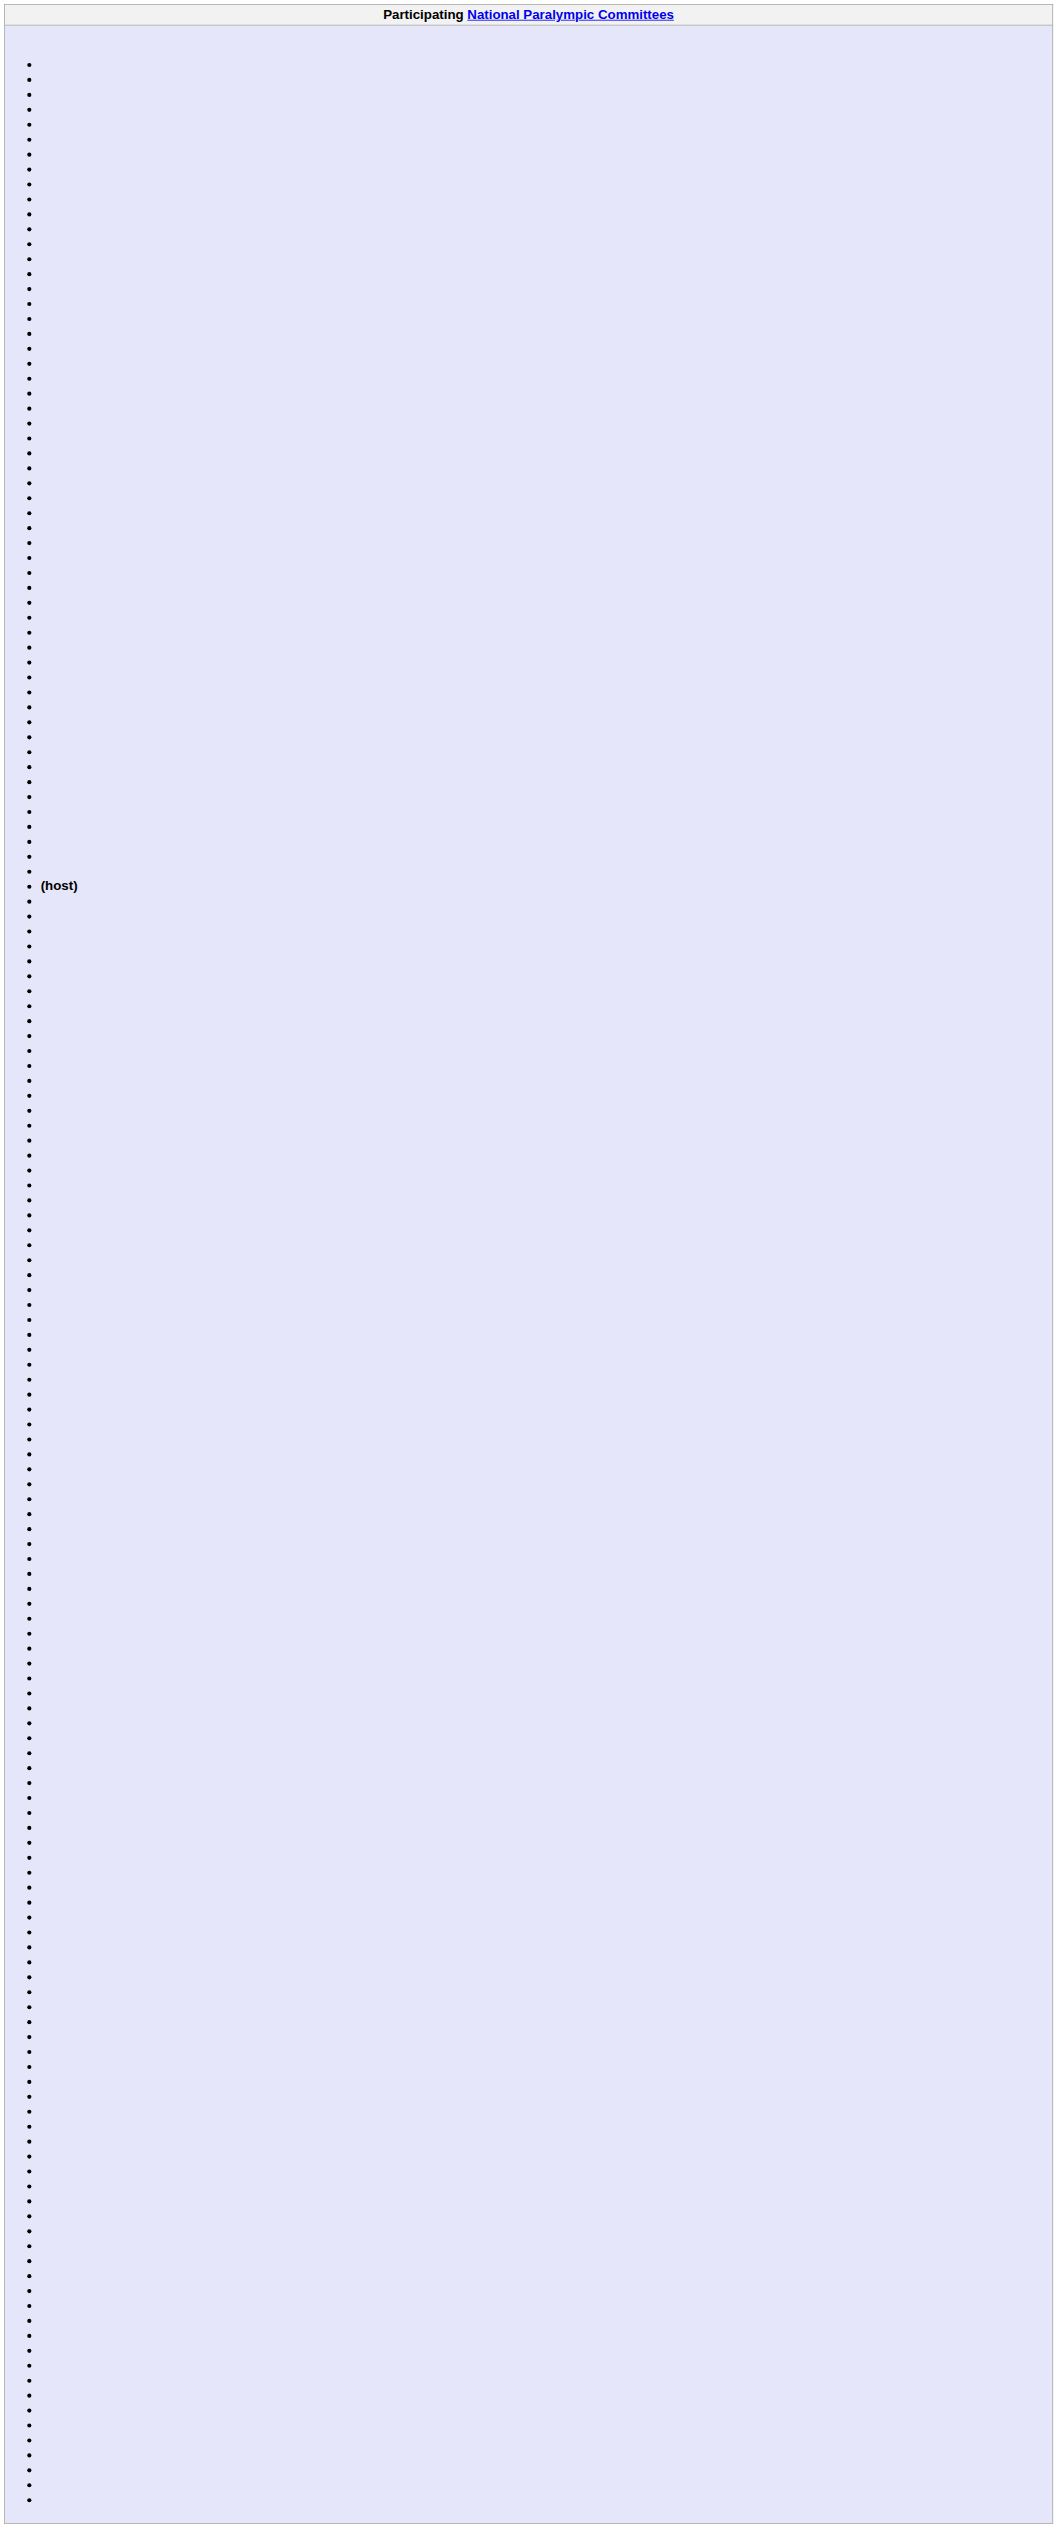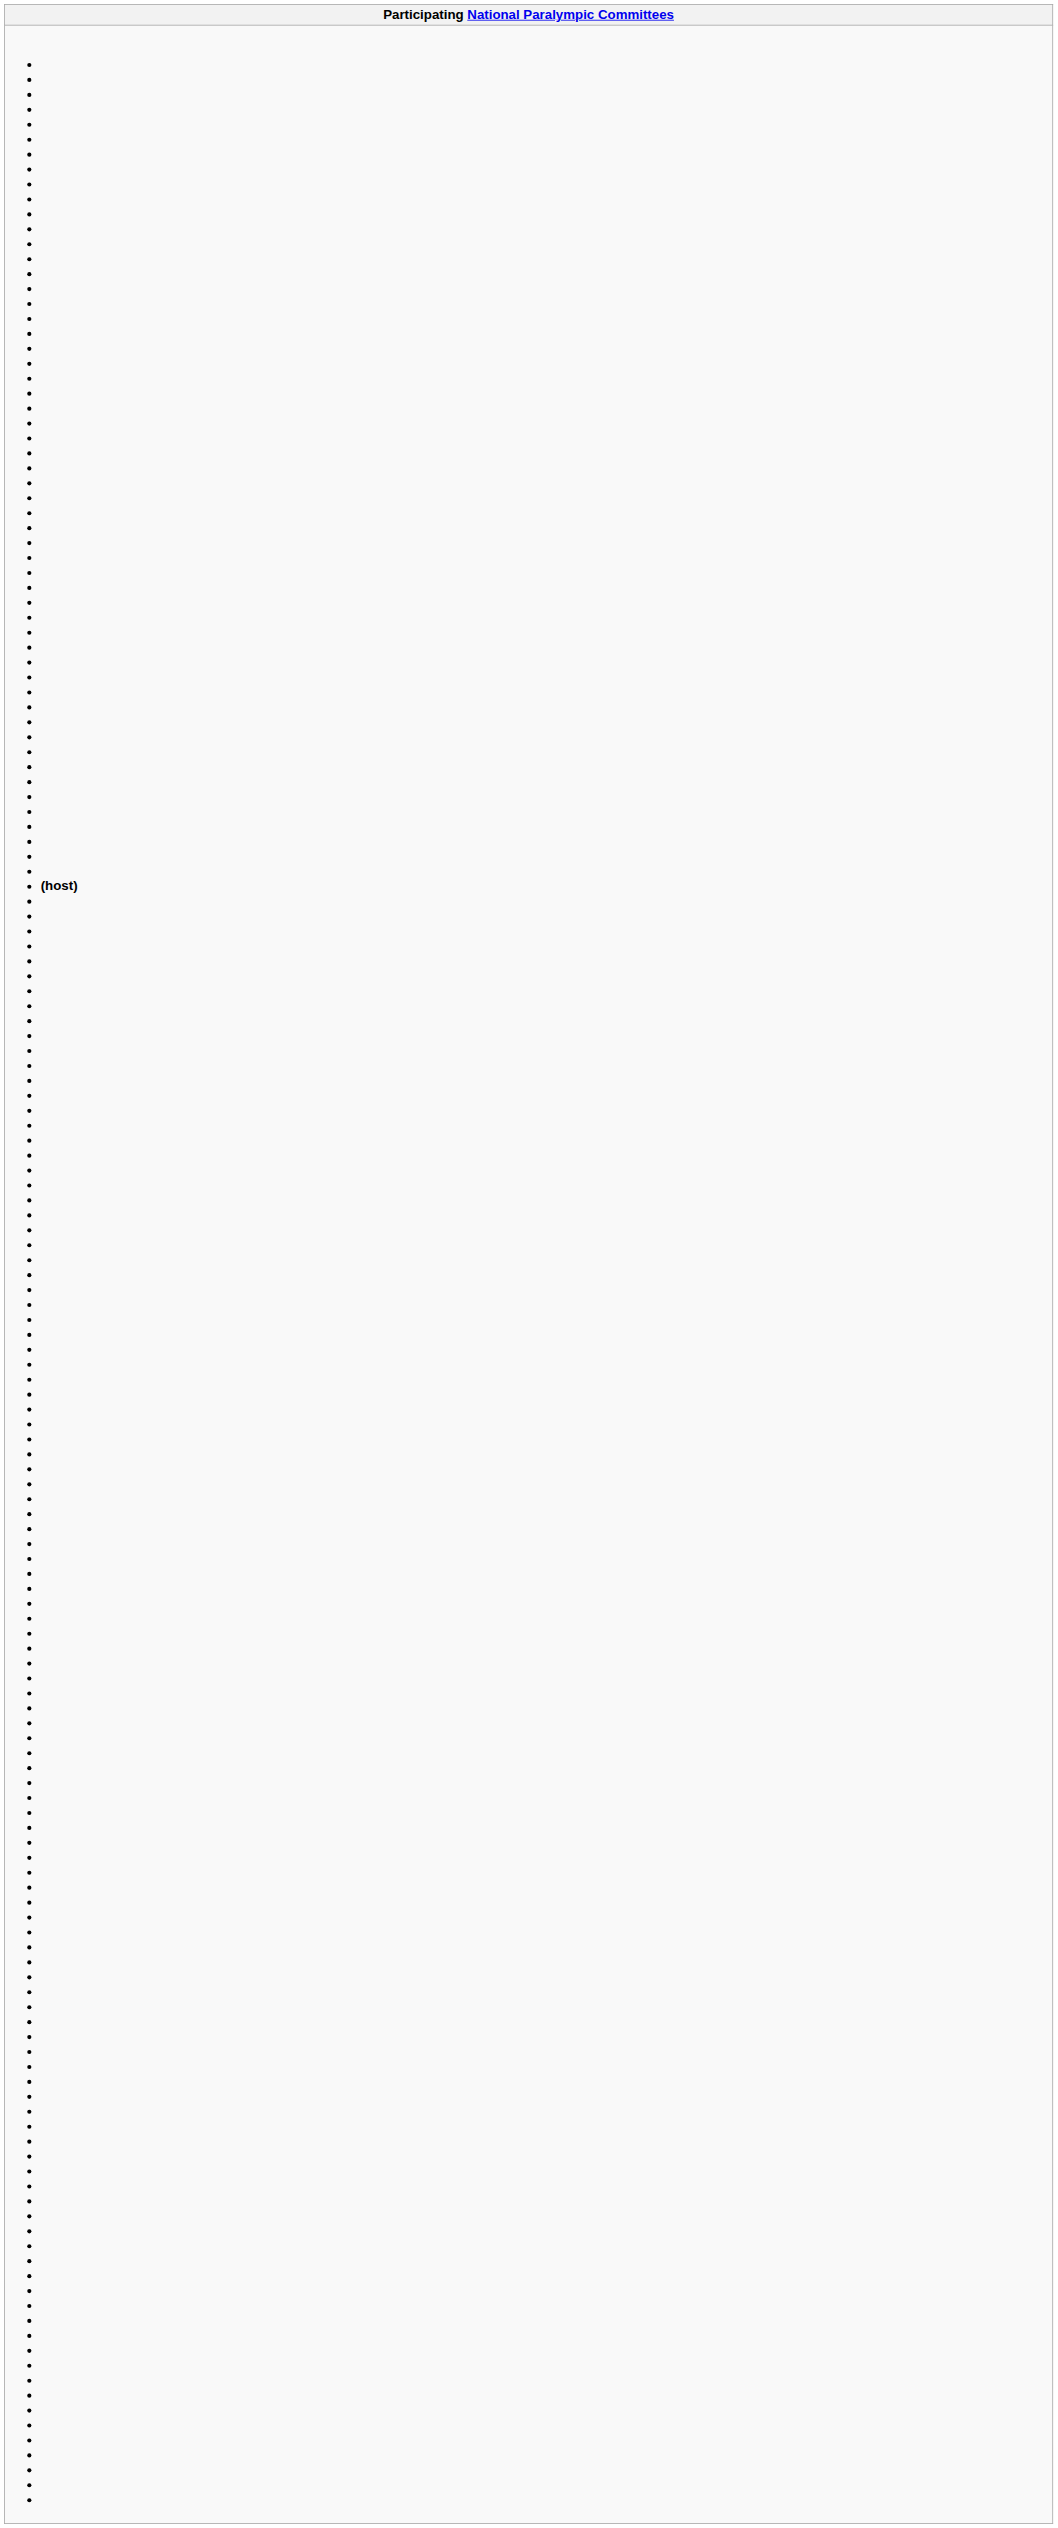 <table class="wikitable collapsible" style="width:100%;">
 <tr>
 <th>Participating <a href='#'>National Paralympic Committees</a></th>
 </tr>
 <tr>
-<td style="background: lavender;"><br><ul><li></li><li></li><li></li><li></li><li></li><li></li><li></li><li></li><li></li><li></li><li></li><li></li><li></li><li></li><li></li><li></li><li></li><li></li><li></li><li></li><li></li><li></li><li></li><li></li><li></li><li></li><li></li><li></li><li></li><li></li><li></li><li></li><li></li><li></li><li></li><li></li><li></li><li></li><li></li><li></li><li></li><li></li><li></li><li></li><li></li><li></li><li></li><li></li><li></li><li></li><li></li><li></li><li></li><li></li><li></li><li> <strong>(host)</strong></li><li></li><li></li><li></li><li></li><li></li><li></li><li></li><li></li><li></li><li></li><li></li><li></li><li></li><li></li><li></li><li></li><li></li><li></li><li></li><li></li><li></li><li></li><li></li><li></li><li></li><li></li><li></li><li></li><li></li><li></li><li></li><li></li><li></li><li></li><li></li><li></li><li></li><li></li><li></li><li></li><li></li><li></li><li></li><li></li><li></li><li></li><li></li><li></li><li></li><li></li><li></li><li></li><li></li><li></li><li></li><li></li><li></li><li></li><li></li><li></li><li></li><li></li><li></li><li></li><li></li><li></li><li></li><li></li><li></li><li></li><li></li><li></li><li></li><li></li><li></li><li></li><li></li><li></li><li></li><li></li><li></li><li></li><li></li><li></li><li></li><li></li><li></li><li></li><li></li><li></li><li></li><li></li><li></li><li></li><li></li><li></li><li></li><li></li><li></li><li></li><li></li><li></li><li></li><li></li><li></li><li></li><li></li><li></li></ul></td>
+<td><br><ul><li></li><li></li><li></li><li></li><li></li><li></li><li></li><li></li><li></li><li></li><li></li><li></li><li></li><li></li><li></li><li></li><li></li><li></li><li></li><li></li><li></li><li></li><li></li><li></li><li></li><li></li><li></li><li></li><li></li><li></li><li></li><li></li><li></li><li></li><li></li><li></li><li></li><li></li><li></li><li></li><li></li><li></li><li></li><li></li><li></li><li></li><li></li><li></li><li></li><li></li><li></li><li></li><li></li><li></li><li></li><li> <strong>(host)</strong></li><li></li><li></li><li></li><li></li><li></li><li></li><li></li><li></li><li></li><li></li><li></li><li></li><li></li><li></li><li></li><li></li><li></li><li></li><li></li><li></li><li></li><li></li><li></li><li></li><li></li><li></li><li></li><li></li><li></li><li></li><li></li><li></li><li></li><li></li><li></li><li></li><li></li><li></li><li></li><li></li><li></li><li></li><li></li><li></li><li></li><li></li><li></li><li></li><li></li><li></li><li></li><li></li><li></li><li></li><li></li><li></li><li></li><li></li><li></li><li></li><li></li><li></li><li></li><li></li><li></li><li></li><li></li><li></li><li></li><li></li><li></li><li></li><li></li><li></li><li></li><li></li><li></li><li></li><li></li><li></li><li></li><li></li><li></li><li></li><li></li><li></li><li></li><li></li><li></li><li></li><li></li><li></li><li></li><li></li><li></li><li></li><li></li><li></li><li></li><li></li><li></li><li></li><li></li><li></li><li></li><li></li><li></li><li></li></ul></td>
 </tr>
 </table>
